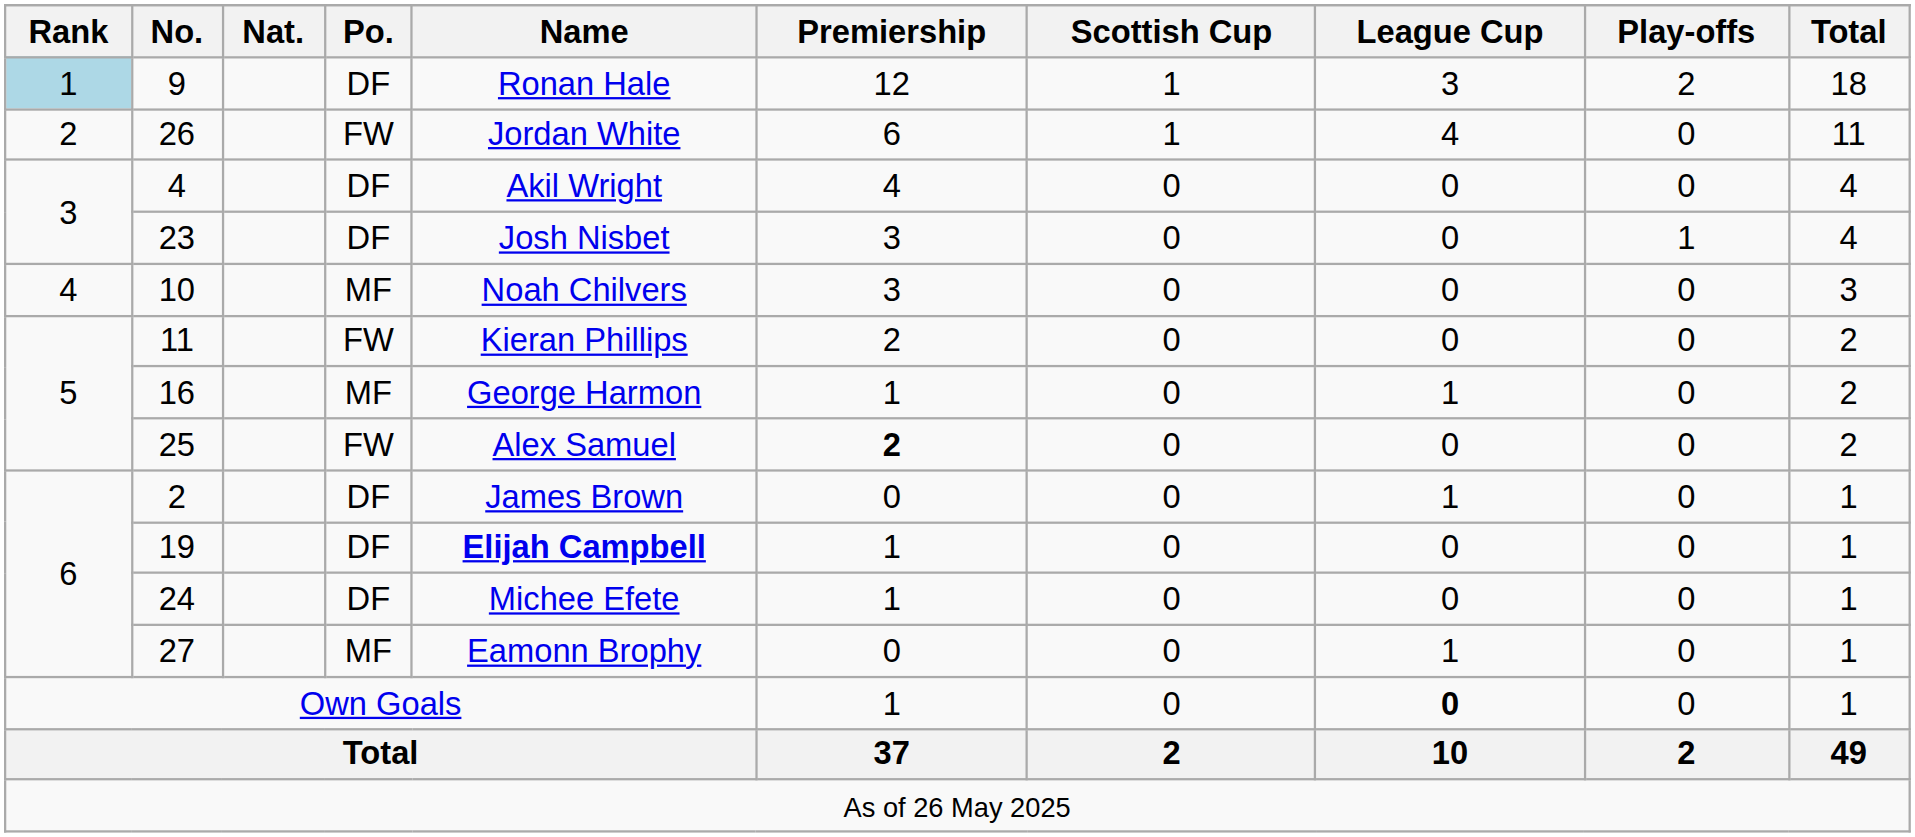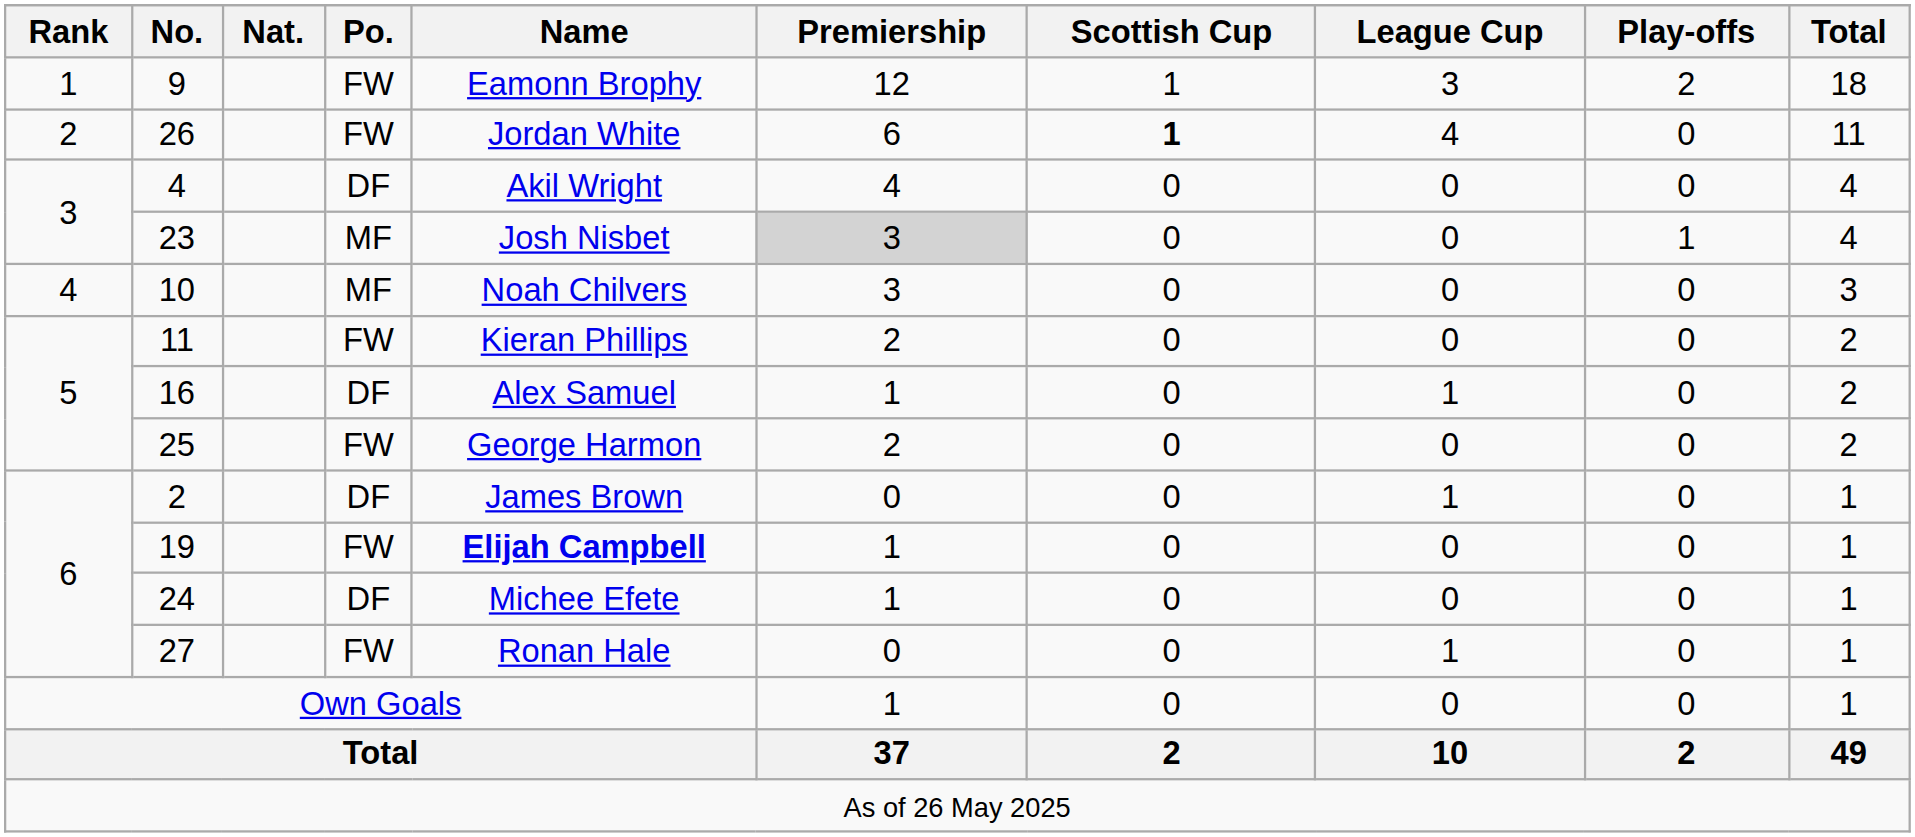 <table class="wikitable"  style="text-align:center; font-size:90%; width:95%;">
 <tr>
 </tr>
 <tr>
 <th>Rank</th>
 <th>No.</th>
 <th>Nat.</th>
 <th>Po.</th>
 <th>Name</th>
 <th>Premiership</th>
 <th>Scottish Cup</th>
 <th>League Cup</th>
 <th>Play-offs</th>
 <th>Total</th>
 </tr>
 <tr>
-<td style="background: lightblue;">1</td>
+<td>1</td>
 <td>9</td>
 <td></td>
-<td>DF</td>
-<td><a href='#'>Ronan Hale</a></td>
+<td>FW</td>
+<td><a href='#'>Eamonn Brophy</a></td>
 <td>12</td>
 <td>1</td>
 <td>3</td>
 <td>2</td>
 <td>18</td>
 </tr>
 <tr>
 <td>2</td>
 <td>26</td>
 <td></td>
 <td>FW</td>
 <td><a href='#'>Jordan White</a></td>
 <td>6</td>
-<td>1</td>
+<td><strong>1</strong></td>
 <td>4</td>
 <td>0</td>
 <td>11</td>
 </tr>
 <tr>
 <td rowspan=2>3</td>
 <td>4</td>
 <td></td>
 <td>DF</td>
 <td><a href='#'>Akil Wright</a></td>
 <td>4</td>
 <td>0</td>
 <td>0</td>
 <td>0</td>
 <td>4</td>
 </tr>
 <tr>
 <td>23</td>
 <td></td>
-<td>DF</td>
+<td>MF</td>
 <td><a href='#'>Josh Nisbet</a></td>
-<td>3</td>
+<td style="background: lightgrey;">3</td>
 <td>0</td>
 <td>0</td>
 <td>1</td>
 <td>4</td>
 </tr>
 <tr>
 <td>4</td>
 <td>10</td>
 <td></td>
 <td>MF</td>
 <td><a href='#'>Noah Chilvers</a></td>
 <td>3</td>
 <td>0</td>
 <td>0</td>
 <td>0</td>
 <td>3</td>
 </tr>
 <tr>
 <td rowspan=3>5</td>
 <td>11</td>
 <td></td>
 <td>FW</td>
 <td><a href='#'>Kieran Phillips</a></td>
 <td>2</td>
 <td>0</td>
 <td>0</td>
 <td>0</td>
 <td>2</td>
 </tr>
 <tr>
 <td>16</td>
 <td></td>
-<td>MF</td>
-<td><a href='#'>George Harmon</a></td>
+<td>DF</td>
+<td><a href='#'>Alex Samuel</a></td>
 <td>1</td>
 <td>0</td>
 <td>1</td>
 <td>0</td>
 <td>2</td>
 </tr>
 <tr>
 <td>25</td>
 <td></td>
 <td>FW</td>
-<td><a href='#'>Alex Samuel</a></td>
-<td><strong>2</strong></td>
+<td><a href='#'>George Harmon</a></td>
+<td>2</td>
 <td>0</td>
 <td>0</td>
 <td>0</td>
 <td>2</td>
 </tr>
 <tr>
 <td rowspan=4>6</td>
 <td>2</td>
 <td></td>
 <td>DF</td>
 <td><a href='#'>James Brown</a></td>
 <td>0</td>
 <td>0</td>
 <td>1</td>
 <td>0</td>
 <td>1</td>
 </tr>
 <tr>
 <td>19</td>
 <td></td>
-<td>DF</td>
+<td>FW</td>
 <td><strong><a href='#'>Elijah Campbell</a></strong></td>
 <td>1</td>
 <td>0</td>
 <td>0</td>
 <td>0</td>
 <td>1</td>
 </tr>
 <tr>
 <td>24</td>
 <td></td>
 <td>DF</td>
 <td><a href='#'>Michee Efete</a></td>
 <td>1</td>
 <td>0</td>
 <td>0</td>
 <td>0</td>
 <td>1</td>
 </tr>
 <tr>
 <td>27</td>
 <td></td>
-<td>MF</td>
-<td><a href='#'>Eamonn Brophy</a></td>
+<td>FW</td>
+<td><a href='#'>Ronan Hale</a></td>
 <td>0</td>
 <td>0</td>
 <td>1</td>
 <td>0</td>
 <td>1</td>
 </tr>
 <tr>
 <td colspan="5"><a href='#'>Own Goals</a></td>
 <td>1</td>
 <td>0</td>
-<td><strong>0</strong></td>
+<td>0</td>
 <td>0</td>
 <td>1</td>
 </tr>
 <tr>
 <th colspan="5" style="text-align:center;"><strong>Total</strong></th>
 <th><strong>37</strong></th>
 <th><strong>2</strong></th>
 <th><strong>10</strong></th>
 <th><strong>2</strong></th>
 <th><strong>49</strong></th>
 </tr>
 <tr>
 <td colspan="10"><small>As of 26 May 2025</small></td>
 </tr>
 </table>
